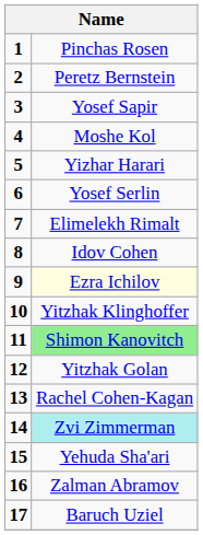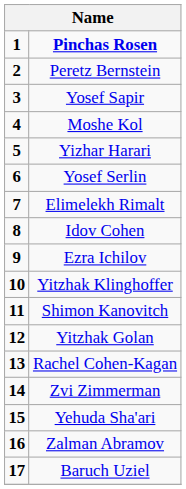 <table class="wikitable" style="text-align: center;">
 <tr>
 <th colspan="2">Name</th>
 </tr>
 <tr>
 <td style="background: "><strong>1</strong></td>
-<td><a href='#'>Pinchas Rosen</a></td>
+<td><strong><a href='#'>Pinchas Rosen</a></strong></td>
 </tr>
 <tr>
 <td style="background: "><strong>2</strong></td>
 <td><a href='#'>Peretz Bernstein</a></td>
 </tr>
 <tr>
 <td style="background: "><strong>3</strong></td>
 <td><a href='#'>Yosef Sapir</a></td>
 </tr>
 <tr>
 <td style="background: "><strong>4</strong></td>
 <td><a href='#'>Moshe Kol</a></td>
 </tr>
 <tr>
 <td style="background: "><strong>5</strong></td>
 <td><a href='#'>Yizhar Harari</a></td>
 </tr>
 <tr>
 <td style="background: "><strong>6</strong></td>
 <td><a href='#'>Yosef Serlin</a></td>
 </tr>
 <tr>
 <td style="background: "><strong>7</strong></td>
 <td><a href='#'>Elimelekh Rimalt</a></td>
 </tr>
 <tr>
 <td style="background: "><strong>8</strong></td>
 <td><a href='#'>Idov Cohen</a></td>
 </tr>
 <tr>
 <td style="background: "><strong>9</strong></td>
-<td style="background: lightyellow;"><a href='#'>Ezra Ichilov</a></td>
+<td><a href='#'>Ezra Ichilov</a></td>
 </tr>
 <tr>
 <td style="background: "><strong>10</strong></td>
 <td><a href='#'>Yitzhak Klinghoffer</a></td>
 </tr>
 <tr>
 <td style="background: "><strong>11</strong></td>
-<td style="background: lightgreen;"><a href='#'>Shimon Kanovitch</a></td>
+<td><a href='#'>Shimon Kanovitch</a></td>
 </tr>
 <tr>
 <td style="background: "><strong>12</strong></td>
 <td><a href='#'>Yitzhak Golan</a></td>
 </tr>
 <tr>
 <td style="background: "><strong>13</strong></td>
 <td><a href='#'>Rachel Cohen-Kagan</a></td>
 </tr>
 <tr>
 <td style="background: "><strong>14</strong></td>
-<td style="background: paleturquoise;"><a href='#'>Zvi Zimmerman</a></td>
+<td><a href='#'>Zvi Zimmerman</a></td>
 </tr>
 <tr>
 <td style="background: "><strong>15</strong></td>
 <td><a href='#'>Yehuda Sha'ari</a></td>
 </tr>
 <tr>
 <td style="background: "><strong>16</strong></td>
 <td><a href='#'>Zalman Abramov</a></td>
 </tr>
 <tr>
 <td style="background: "><strong>17</strong></td>
 <td><a href='#'>Baruch Uziel</a></td>
 </tr>
 <tr>
 </tr>
 </table>
